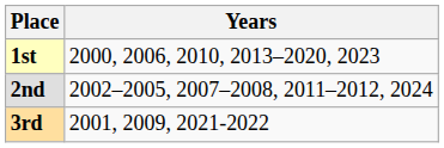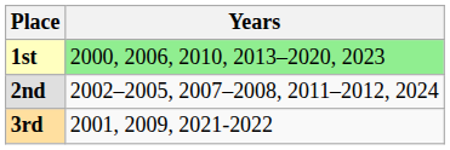 <table class="wikitable">
 <tr>
 <th>Place</th>
 <th>Years</th>
 </tr>
 <tr>
 <td style="background:#ffffbf;"><strong>1st</strong></td>
-<td>2000, 2006, 2010, 2013–2020, 2023</td>
+<td style="background: lightgreen;">2000, 2006, 2010, 2013–2020, 2023</td>
 </tr>
 <tr>
 <td style="background:#dfdfdf;"><strong>2nd</strong></td>
 <td>2002–2005, 2007–2008, 2011–2012, 2024</td>
 </tr>
 <tr>
 <td style="background:#ffdf9f;"><strong>3rd</strong></td>
 <td>2001, 2009, 2021-2022</td>
 </tr>
 </table>
